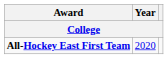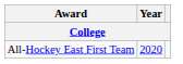 <table class="wikitable">
 <tr>
 <th>Award</th>
 <th>Year</th>
 <th></th>
 </tr>
 <tr>
 <th colspan="3"><a href='#'>College</a></th>
 </tr>
 <tr>
-<td><strong>All-<a href='#'>Hockey East First Team</a></strong></td>
+<td>All-<a href='#'>Hockey East First Team</a></td>
 <td><a href='#'>2020</a></td>
 <td></td>
 </tr>
 </table>
